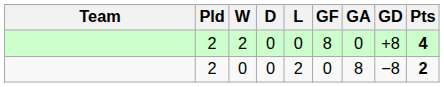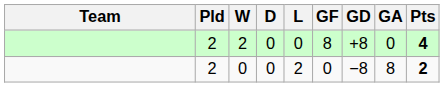 <table class="wikitable" style="text-align:center;">
 <tr>
 <th width=180>Team</th>
 <th width=20>Pld</th>
 <th width=20>W</th>
 <th width=20>D</th>
 <th width=20>L</th>
 <th width=20>GF</th>
+<th width=20>GD</th>
 <th width=20>GA</th>
-<th width=20>GD</th>
 <th width=20>Pts</th>
 </tr>
 <tr bgcolor="ccffcc">
 <td align="left"></td>
 <td>2</td>
 <td>2</td>
 <td>0</td>
 <td>0</td>
 <td>8</td>
+<td>+8</td>
 <td>0</td>
-<td>+8</td>
 <td><strong>4</strong></td>
 </tr>
 <tr>
 <td align="left"></td>
 <td>2</td>
 <td>0</td>
 <td>0</td>
 <td>2</td>
 <td>0</td>
+<td>−8</td>
 <td>8</td>
-<td>−8</td>
 <td><strong>2</strong></td>
 </tr>
 </table>
